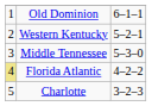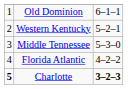 <table class="wikitable" style="display: inline-table;">
 <tr align="center">
 </tr>
 <tr align="center">
 <td>1</td>
 <td><a href='#'>Old Dominion</a></td>
 <td>6–1–1</td>
 </tr>
 <tr align="center">
 <td>2</td>
 <td><a href='#'>Western Kentucky</a></td>
 <td>5–2–1</td>
 </tr>
 <tr align="center">
 <td>3</td>
 <td><a href='#'>Middle Tennessee</a></td>
 <td>5–3–0</td>
 </tr>
 <tr align="center">
-<td style="background: khaki;">4</td>
+<td>4</td>
 <td><a href='#'>Florida Atlantic</a></td>
 <td>4–2–2</td>
 </tr>
 <tr align="center">
-<td>5</td>
+<td><strong>5</strong></td>
 <td><a href='#'>Charlotte</a></td>
-<td>3–2–3</td>
+<td><strong>3–2–3</strong></td>
 </tr>
 </table>
